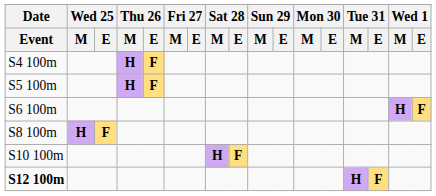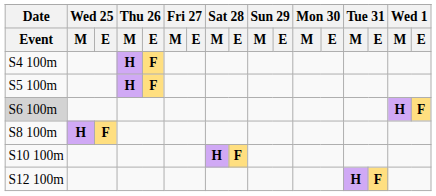 <table class="wikitable" style="margin:0.5em auto; font-size:90%; line-height:1.25em;">
 <tr align="center">
 </tr>
 <tr>
 <th>Date</th>
 <th colspan="2">Wed 25</th>
 <th colspan="2">Thu 26</th>
 <th colspan="2">Fri 27</th>
 <th colspan="2">Sat 28</th>
 <th colspan="2">Sun 29</th>
 <th colspan="2">Mon 30</th>
 <th colspan="2">Tue 31</th>
 <th colspan="2">Wed 1</th>
 </tr>
 <tr>
 <th>Event</th>
 <th>M</th>
 <th>E</th>
 <th>M</th>
 <th>E</th>
 <th>M</th>
 <th>E</th>
 <th>M</th>
 <th>E</th>
 <th>M</th>
 <th>E</th>
 <th>M</th>
 <th>E</th>
 <th>M</th>
 <th>E</th>
 <th>M</th>
 <th>E</th>
 </tr>
 <tr align="center">
 <td align="left">S4 100m</td>
 <td colspan="2"></td>
 <td bgcolor="#D0A9F5"><strong>H</strong></td>
 <td bgcolor="#FFDF80"><strong>F</strong></td>
 <td colspan="2"></td>
 <td colspan="2"></td>
 <td colspan="2"></td>
 <td colspan="2"></td>
 <td colspan="2"></td>
 <td colspan="2"></td>
 </tr>
 <tr align="center">
 <td align="left">S5 100m</td>
 <td colspan="2"></td>
 <td bgcolor="#D0A9F5"><strong>H</strong></td>
 <td bgcolor="#FFDF80"><strong>F</strong></td>
 <td colspan="2"></td>
 <td colspan="2"></td>
 <td colspan="2"></td>
 <td colspan="2"></td>
 <td colspan="2"></td>
 <td colspan="2"></td>
 </tr>
 <tr align="center">
-<td align="left">S6 100m</td>
+<td align="left" style="background: lightgrey;">S6 100m</td>
 <td colspan="2"></td>
 <td colspan="2"></td>
 <td colspan="2"></td>
 <td colspan="2"></td>
 <td colspan="2"></td>
 <td colspan="2"></td>
 <td colspan="2"></td>
 <td bgcolor="#D0A9F5"><strong>H</strong></td>
 <td bgcolor="#FFDF80"><strong>F</strong></td>
 </tr>
 <tr align="center">
 <td align="left">S8 100m</td>
 <td bgcolor="#D0A9F5"><strong>H</strong></td>
 <td bgcolor="#FFDF80"><strong>F</strong></td>
 <td colspan="2"></td>
 <td colspan="2"></td>
 <td colspan="2"></td>
 <td colspan="2"></td>
 <td colspan="2"></td>
 <td colspan="2"></td>
 <td colspan="2"></td>
 </tr>
 <tr align="center">
 <td align="left">S10 100m</td>
 <td colspan="2"></td>
 <td colspan="2"></td>
 <td colspan="2"></td>
 <td bgcolor="#D0A9F5"><strong>H</strong></td>
 <td bgcolor="#FFDF80"><strong>F</strong></td>
 <td colspan="2"></td>
 <td colspan="2"></td>
 <td colspan="2"></td>
 <td colspan="2"></td>
 </tr>
 <tr align="center">
-<td align="left"><strong>S12 100m</strong></td>
+<td align="left">S12 100m</td>
 <td colspan="2"></td>
 <td colspan="2"></td>
 <td colspan="2"></td>
 <td colspan="2"></td>
 <td colspan="2"></td>
 <td colspan="2"></td>
 <td bgcolor="#D0A9F5"><strong>H</strong></td>
 <td bgcolor="#FFDF80"><strong>F</strong></td>
 <td colspan="2"></td>
 </tr>
 </table>
